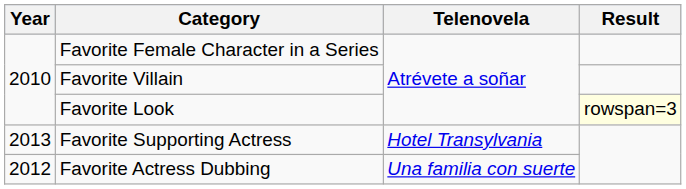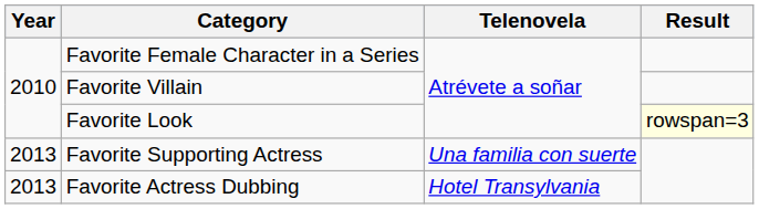 <table class="wikitable">
 <tr style="background:#b0c4de;">
 <th>Year</th>
 <th>Category</th>
 <th>Telenovela</th>
 <th>Result</th>
 </tr>
 <tr>
 <td rowspan="3">2010</td>
 <td>Favorite Female Character in a Series</td>
 <td rowspan="3"><a href='#'>Atrévete a soñar</a></td>
 <td></td>
 </tr>
 <tr>
 <td>Favorite Villain</td>
 <td></td>
 </tr>
 <tr>
 <td>Favorite Look</td>
 <td style="background: lightyellow;">rowspan=3 </td>
 </tr>
 <tr>
 <td>2013</td>
 <td>Favorite Supporting Actress</td>
+<td><em><a href='#'>Una familia con suerte</a></em></td>
+</tr>
+<tr>
+<td>2013</td>
+<td>Favorite Actress Dubbing</td>
 <td><em><a href='#'>Hotel Transylvania</a></em></td>
 </tr>
-<tr>
-<td>2012</td>
-<td>Favorite Actress Dubbing</td>
-<td><em><a href='#'>Una familia con suerte</a></em></td>
-</tr>
 </table>
